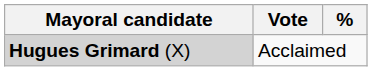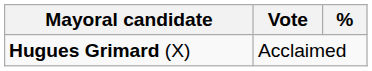 <table class="wikitable">
 <tr>
 <th bgcolor="#DDDDFF" width="200px">Mayoral candidate</th>
 <th bgcolor="#DDDDFF" width="50px">Vote</th>
 <th bgcolor="#DDDDFF"  width="30px">%</th>
 </tr>
 <tr>
-<td style="background: lightgrey;"><strong>Hugues Grimard</strong> (X)</td>
+<td><strong>Hugues Grimard</strong> (X)</td>
 <td colspan="2">Acclaimed</td>
 </tr>
 </table>
